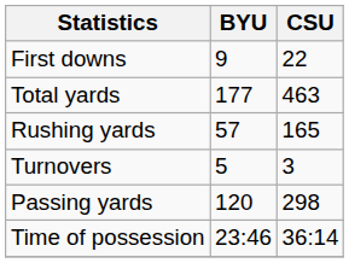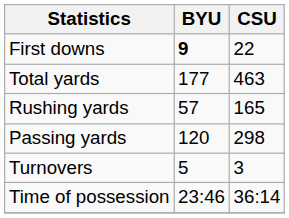 <table class="wikitable">
 <tr>
 <th>Statistics</th>
 <th>BYU</th>
 <th>CSU</th>
 </tr>
 <tr>
 <td>First downs</td>
-<td>9</td>
+<td><strong>9</strong></td>
 <td>22</td>
 </tr>
 <tr>
 <td>Total yards</td>
 <td>177</td>
 <td>463</td>
 </tr>
 <tr>
 <td>Rushing yards</td>
 <td>57</td>
 <td>165</td>
 </tr>
 <tr>
+<td>Passing yards</td>
+<td>120</td>
+<td>298</td>
+</tr>
+<tr>
 <td>Turnovers</td>
 <td>5</td>
 <td>3</td>
-</tr>
-<tr>
-<td>Passing yards</td>
-<td>120</td>
-<td>298</td>
 </tr>
 <tr>
 <td>Time of possession</td>
 <td>23:46</td>
 <td>36:14</td>
 </tr>
 <tr>
 </tr>
 </table>
